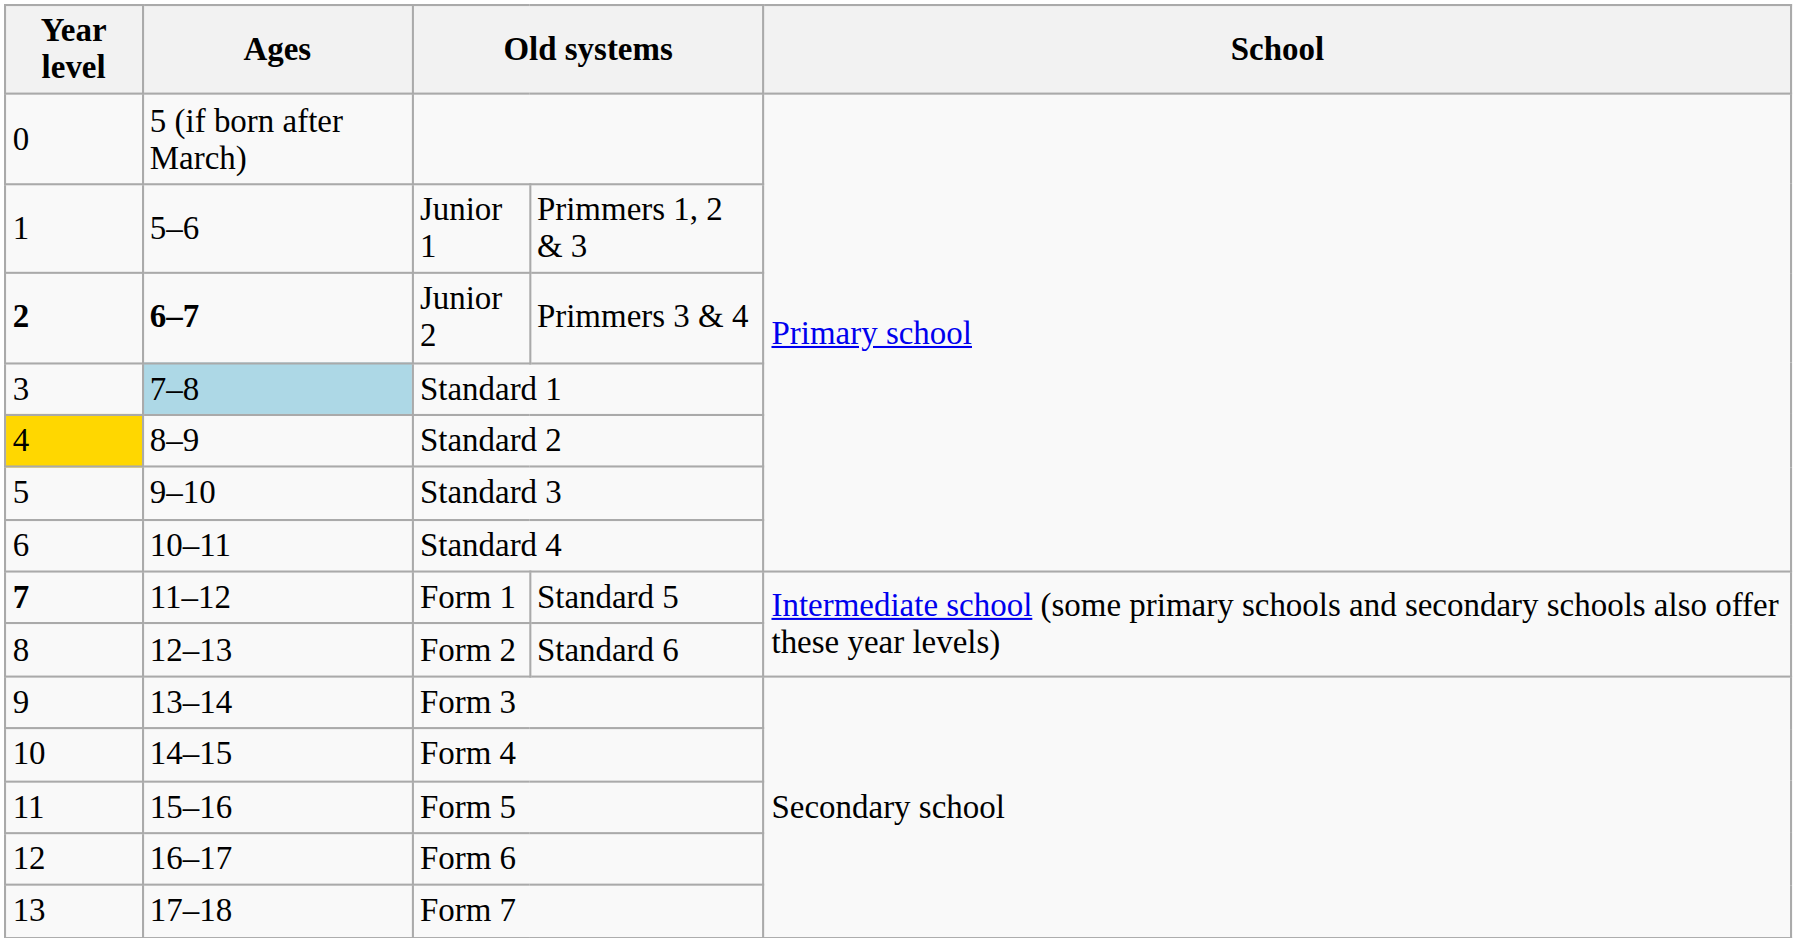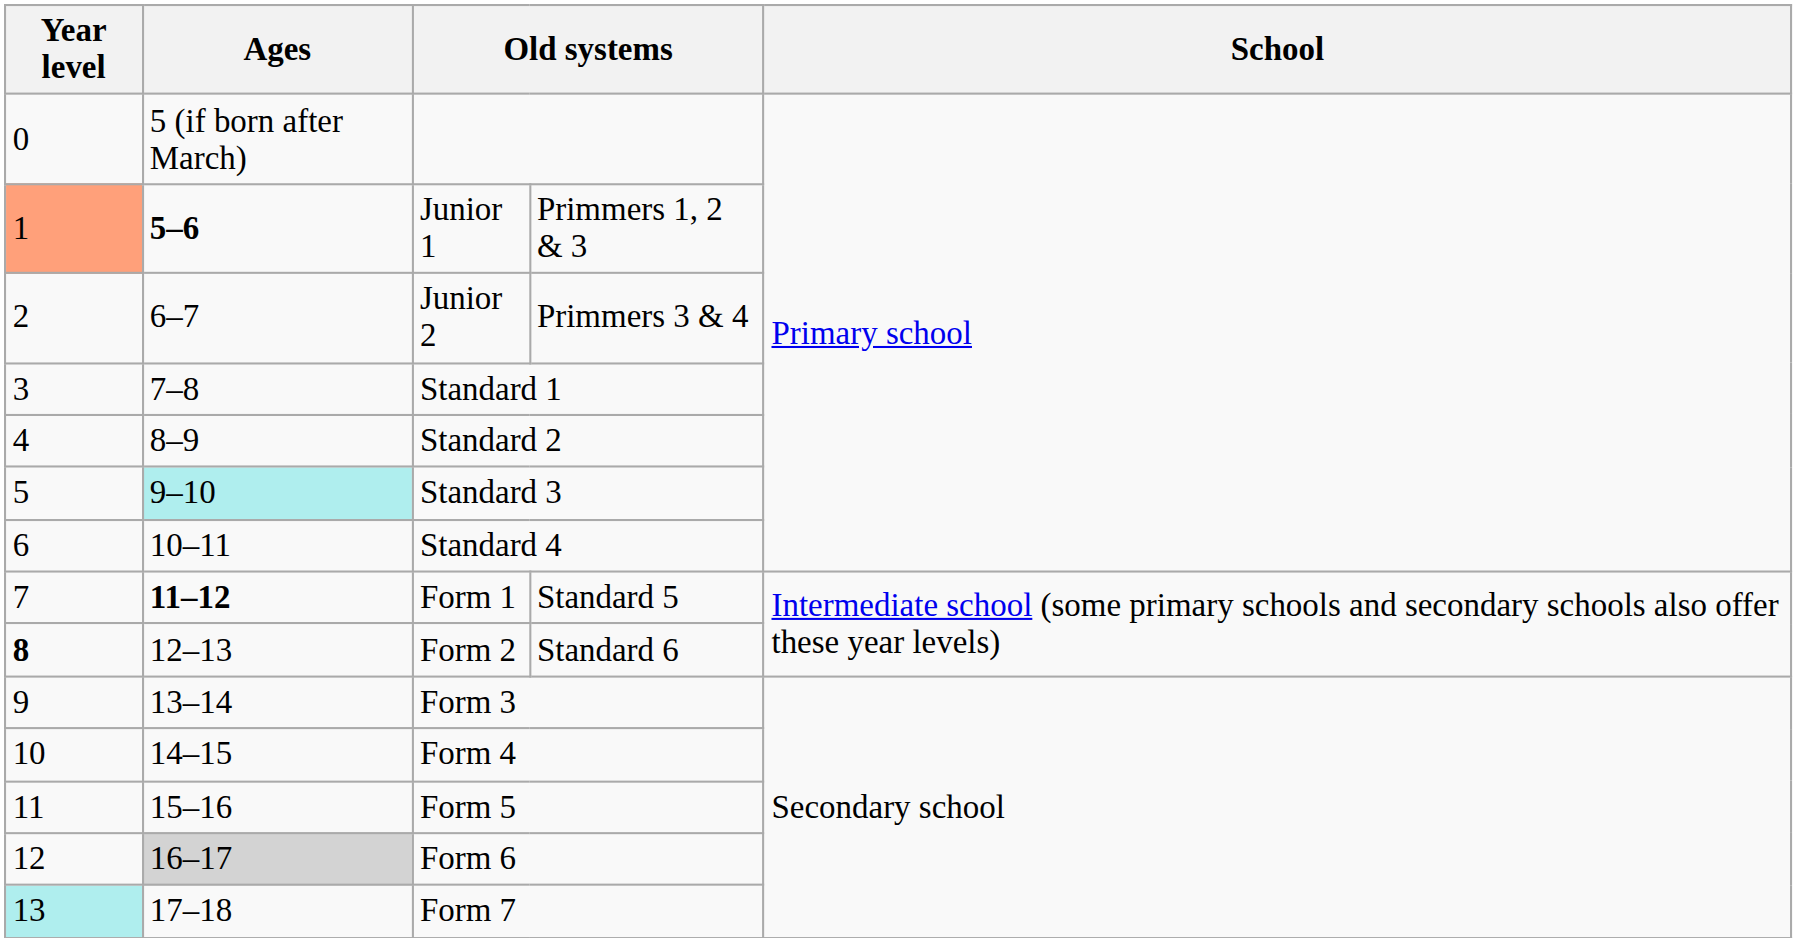 <table class="wikitable">
 <tr>
 <th>Year level</th>
 <th>Ages</th>
 <th colspan=2>Old systems</th>
 <th>School</th>
 </tr>
 <tr>
 <td>0</td>
 <td>5 (if born after March)</td>
 <td colspan="2"></td>
 <td rowspan="7"><a href='#'>Primary school</a></td>
 </tr>
 <tr>
-<td>1</td>
-<td>5–6</td>
+<td style="background: lightsalmon;">1</td>
+<td><strong>5–6</strong></td>
 <td>Junior 1</td>
 <td>Primmers 1, 2 & 3</td>
 </tr>
 <tr>
-<td><strong>2</strong></td>
-<td><strong>6–7</strong></td>
+<td>2</td>
+<td>6–7</td>
 <td>Junior 2</td>
 <td>Primmers 3 & 4</td>
 </tr>
 <tr>
 <td>3</td>
-<td style="background: lightblue;">7–8</td>
+<td>7–8</td>
 <td colspan=2>Standard 1</td>
 </tr>
 <tr>
-<td style="background: gold;">4</td>
+<td>4</td>
 <td>8–9</td>
 <td colspan=2>Standard 2</td>
 </tr>
 <tr>
 <td>5</td>
-<td>9–10</td>
+<td style="background: paleturquoise;">9–10</td>
 <td colspan=2>Standard 3</td>
 </tr>
 <tr>
 <td>6</td>
 <td>10–11</td>
 <td colspan=2>Standard 4</td>
 </tr>
 <tr>
-<td><strong>7</strong></td>
-<td>11–12</td>
+<td>7</td>
+<td><strong>11–12</strong></td>
 <td>Form 1</td>
 <td>Standard 5</td>
 <td rowspan="2"><a href='#'>Intermediate school</a> (some primary schools and secondary schools also offer these year levels)</td>
 </tr>
 <tr>
-<td>8</td>
+<td><strong>8</strong></td>
 <td>12–13</td>
 <td>Form 2</td>
 <td>Standard 6</td>
 </tr>
 <tr>
 <td>9</td>
 <td>13–14</td>
 <td colspan="2">Form 3</td>
 <td rowspan="5">Secondary school</td>
 </tr>
 <tr>
 <td>10</td>
 <td>14–15</td>
 <td colspan="2">Form 4</td>
 </tr>
 <tr>
 <td>11</td>
 <td>15–16</td>
 <td colspan="2">Form 5</td>
 </tr>
 <tr>
 <td>12</td>
-<td>16–17</td>
+<td style="background: lightgrey;">16–17</td>
 <td colspan="2">Form 6</td>
 </tr>
 <tr>
-<td>13</td>
+<td style="background: paleturquoise;">13</td>
 <td>17–18</td>
 <td colspan="2">Form 7</td>
 </tr>
 <tr>
 </tr>
 </table>
